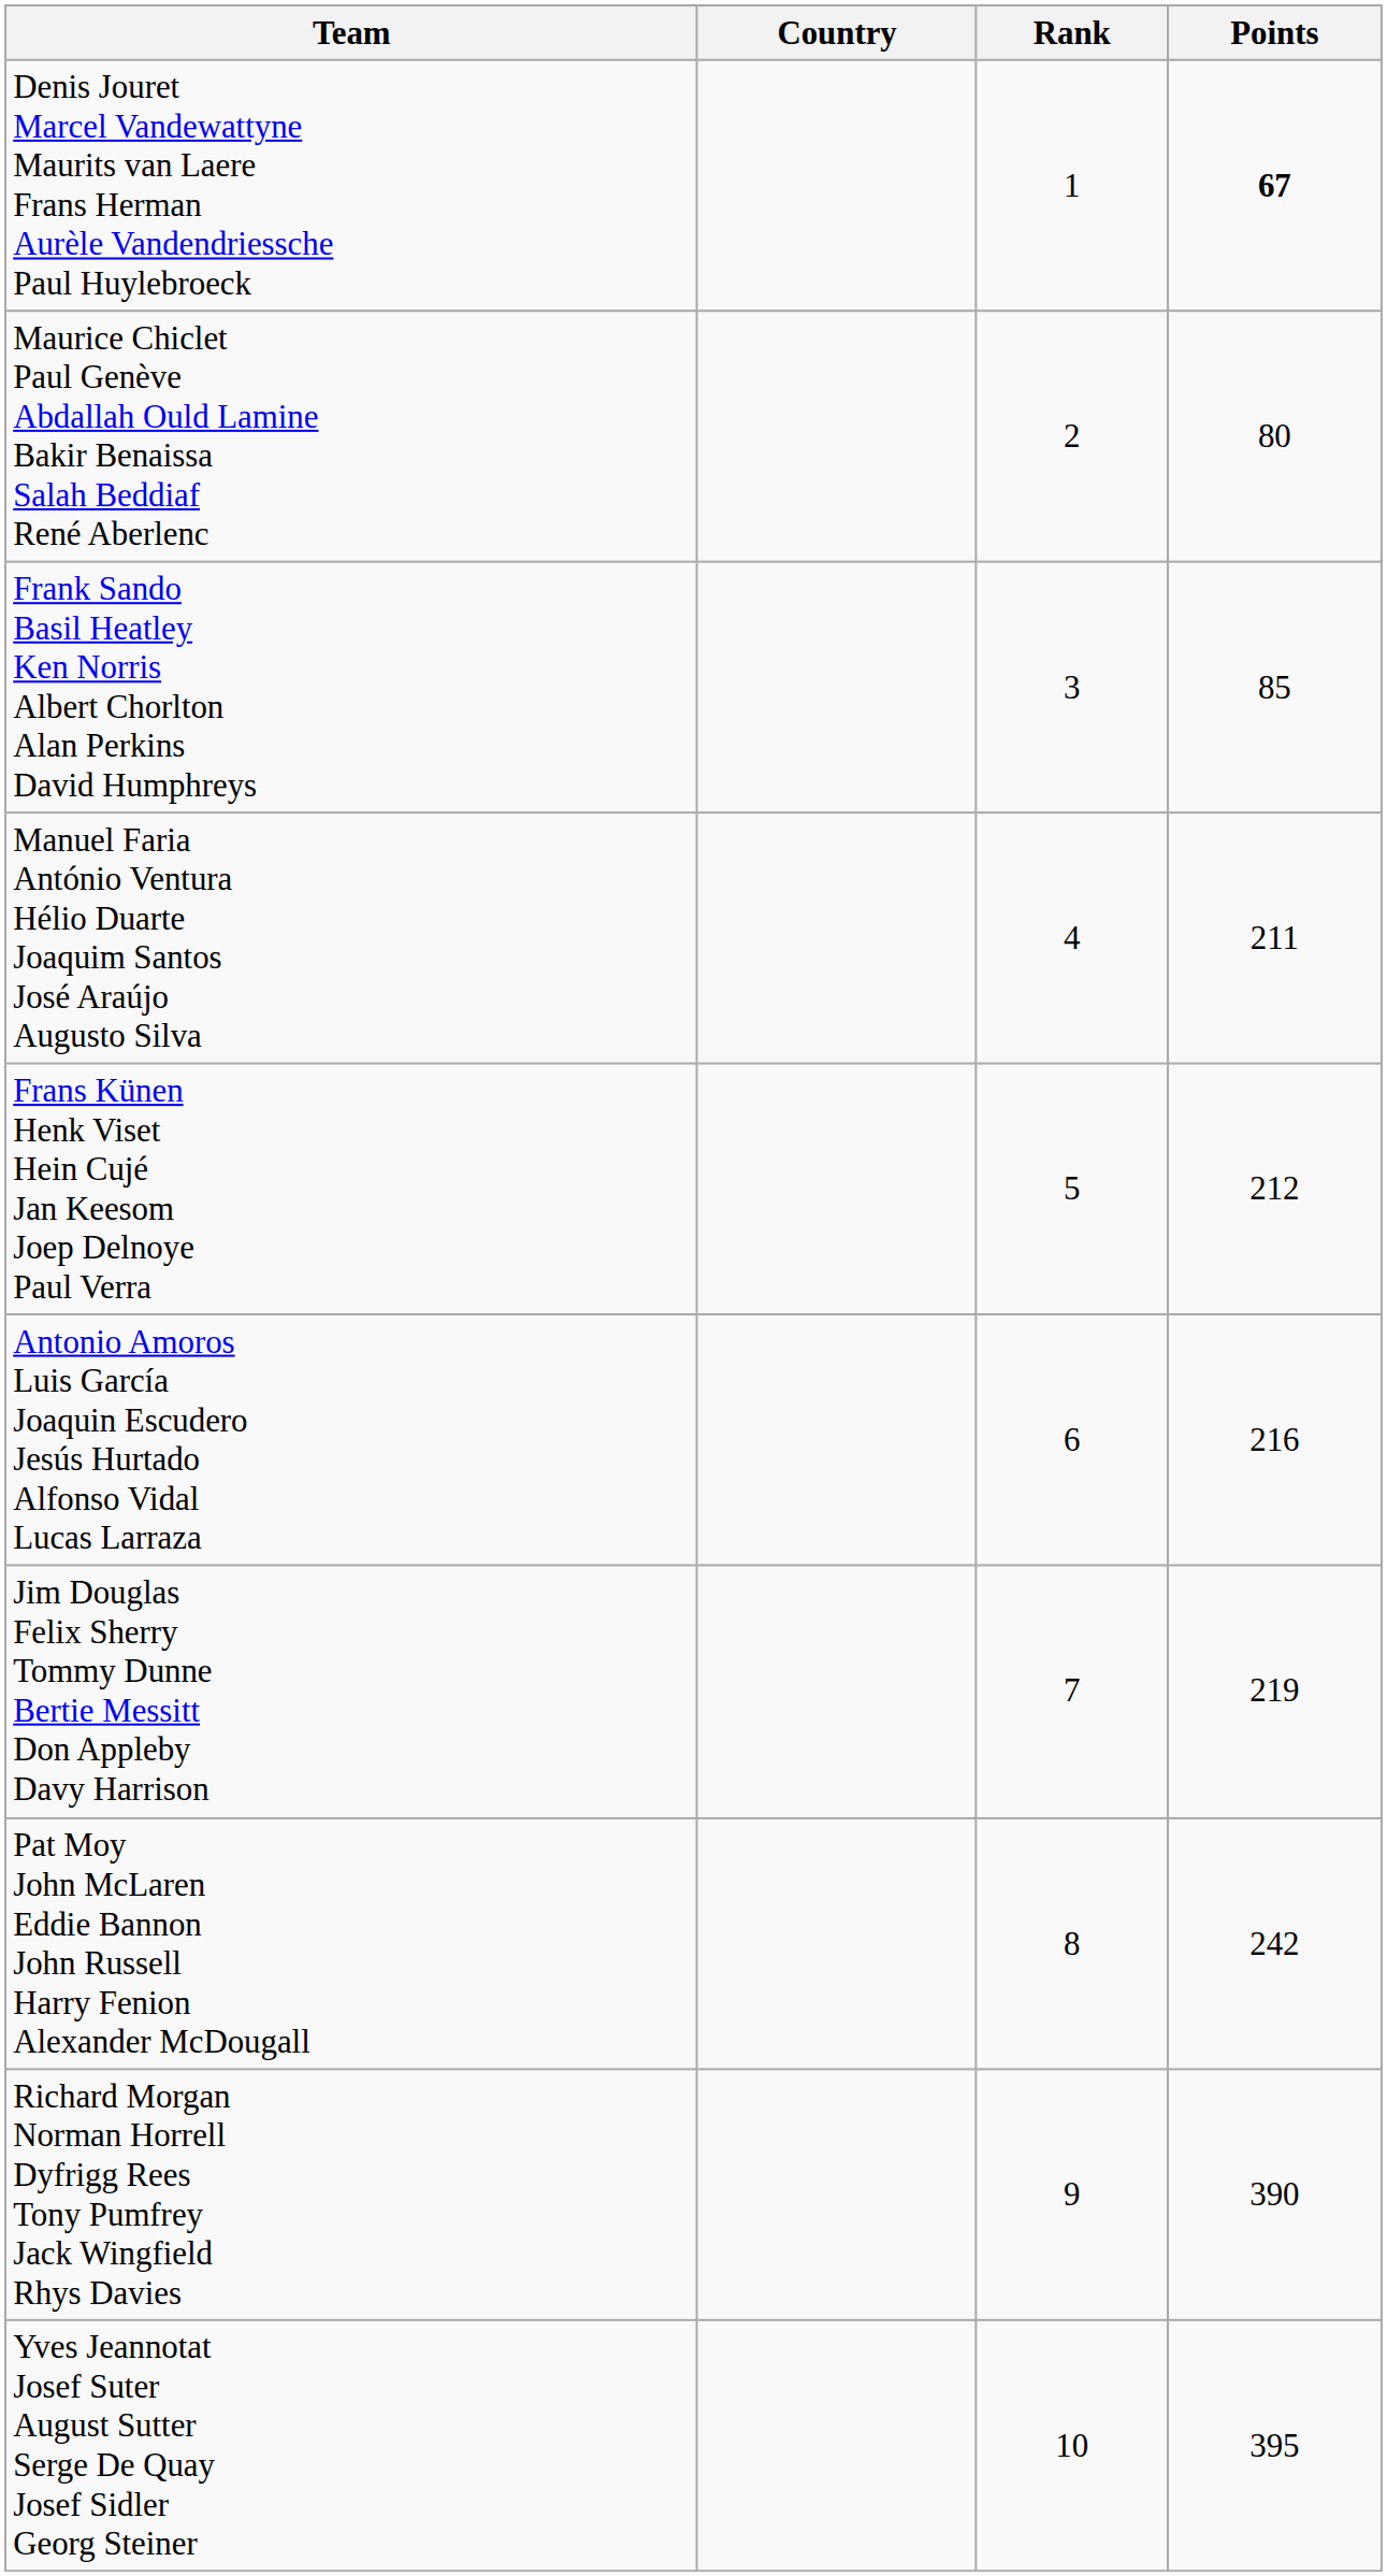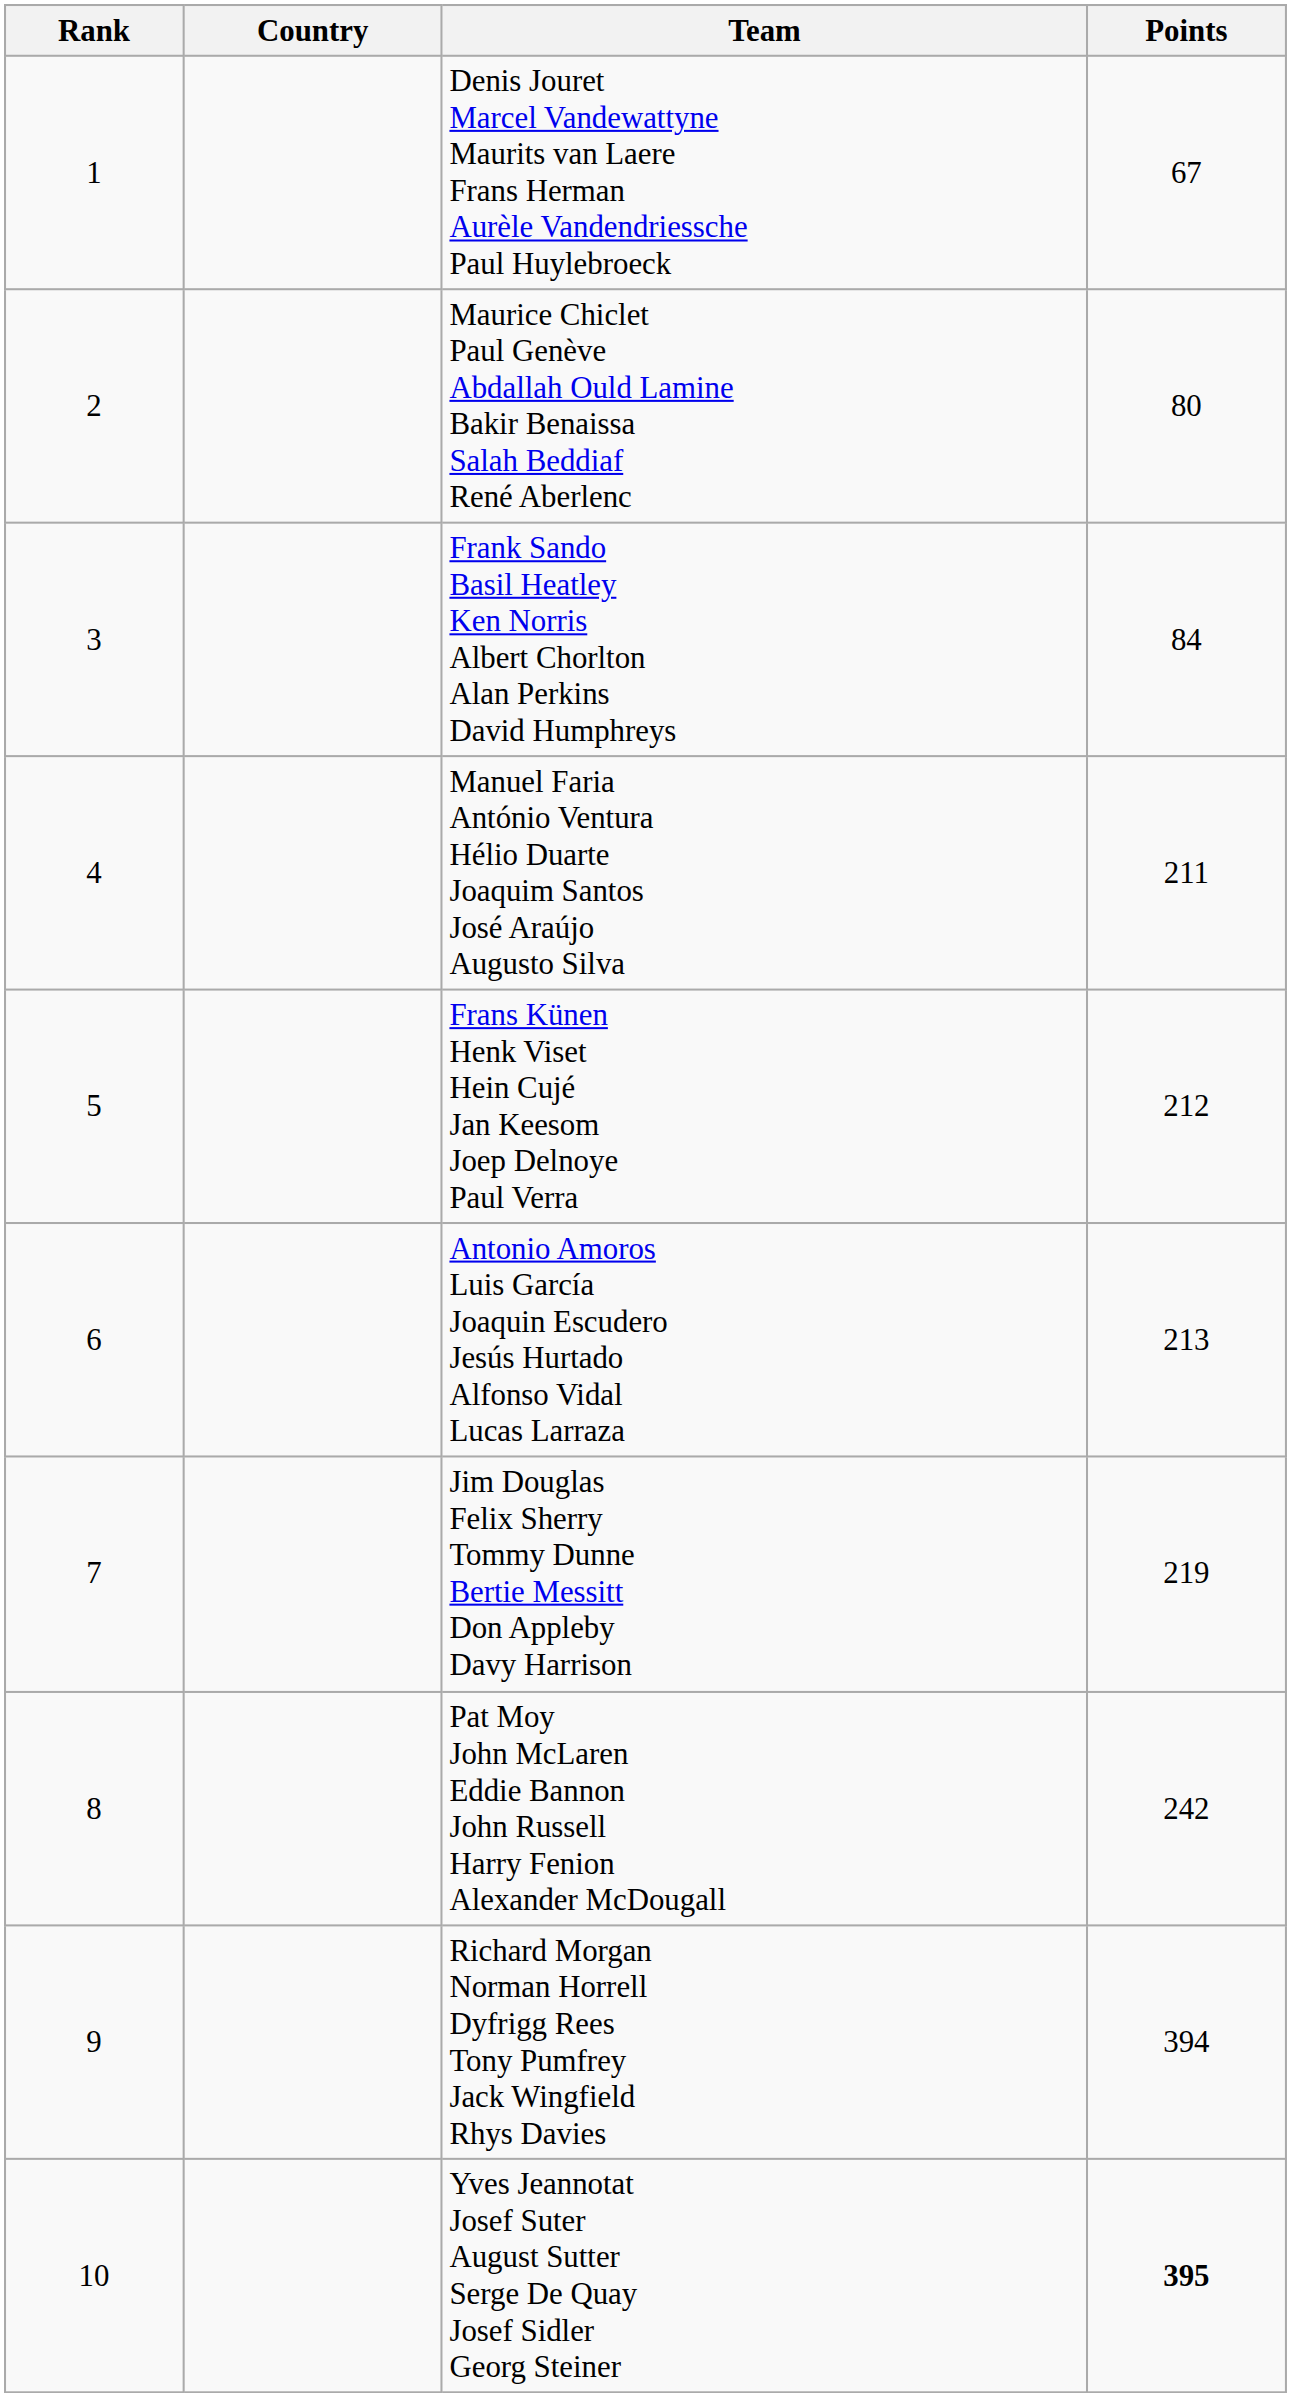 <table class="wikitable sortable" style=" text-align:center; font-size:95%;" width="50%">
 <tr>
+<th>Rank</th>
+<th>Country</th>
 <th>Team</th>
-<th>Country</th>
-<th>Rank</th>
 <th>Points</th>
 </tr>
 <tr>
+<td align=center>1</td>
+<td align=left></td>
 <td align=left>Denis Jouret<br><a href='#'>Marcel Vandewattyne</a><br>Maurits van Laere<br>Frans Herman<br><a href='#'>Aurèle Vandendriessche</a><br>Paul Huylebroeck</td>
-<td align=left></td>
-<td align=center>1</td>
-<td><strong>67</strong></td>
+<td>67</td>
 </tr>
 <tr>
+<td align=center>2</td>
+<td align=left></td>
 <td align=left>Maurice Chiclet<br>Paul Genève<br><a href='#'>Abdallah Ould Lamine</a><br>Bakir Benaissa<br><a href='#'>Salah Beddiaf</a><br>René Aberlenc</td>
-<td align=left></td>
-<td align=center>2</td>
 <td>80</td>
 </tr>
 <tr>
+<td align=center>3</td>
+<td align=left></td>
 <td align=left><a href='#'>Frank Sando</a><br><a href='#'>Basil Heatley</a><br><a href='#'>Ken Norris</a><br>Albert Chorlton<br>Alan Perkins<br>David Humphreys</td>
-<td align=left></td>
-<td align=center>3</td>
-<td>85</td>
+<td>84</td>
 </tr>
 <tr>
+<td align=center>4</td>
+<td align=left></td>
 <td align=left>Manuel Faria<br>António Ventura<br>Hélio Duarte<br>Joaquim Santos<br>José Araújo<br>Augusto Silva</td>
-<td align=left></td>
-<td align=center>4</td>
 <td>211</td>
 </tr>
 <tr>
+<td align=center>5</td>
+<td align=left></td>
 <td align=left><a href='#'>Frans Künen</a><br>Henk Viset<br>Hein Cujé<br>Jan Keesom<br>Joep Delnoye<br>Paul Verra</td>
-<td align=left></td>
-<td align=center>5</td>
 <td>212</td>
 </tr>
 <tr>
+<td align=center>6</td>
+<td align=left></td>
 <td align=left><a href='#'>Antonio Amoros</a><br>Luis García<br>Joaquin Escudero<br>Jesús Hurtado<br>Alfonso Vidal<br>Lucas Larraza</td>
-<td align=left></td>
-<td align=center>6</td>
-<td>216</td>
+<td>213</td>
 </tr>
 <tr>
+<td align=center>7</td>
+<td align=left></td>
 <td align=left>Jim Douglas<br>Felix Sherry<br>Tommy Dunne<br><a href='#'>Bertie Messitt</a><br>Don Appleby<br>Davy Harrison</td>
-<td align=left></td>
-<td align=center>7</td>
 <td>219</td>
 </tr>
 <tr>
+<td align=center>8</td>
+<td align=left></td>
 <td align=left>Pat Moy<br>John McLaren<br>Eddie Bannon<br>John Russell<br>Harry Fenion<br>Alexander McDougall</td>
-<td align=left></td>
-<td align=center>8</td>
 <td>242</td>
 </tr>
 <tr>
+<td align=center>9</td>
+<td align=left></td>
 <td align=left>Richard Morgan<br>Norman Horrell<br>Dyfrigg Rees<br>Tony Pumfrey<br>Jack Wingfield<br>Rhys Davies</td>
-<td align=left></td>
-<td align=center>9</td>
-<td>390</td>
+<td>394</td>
 </tr>
 <tr>
+<td align=center>10</td>
+<td align=left></td>
 <td align=left>Yves Jeannotat<br>Josef Suter<br>August Sutter<br>Serge De Quay<br>Josef Sidler<br>Georg Steiner</td>
-<td align=left></td>
-<td align=center>10</td>
-<td>395</td>
+<td><strong>395</strong></td>
 </tr>
 </table>
